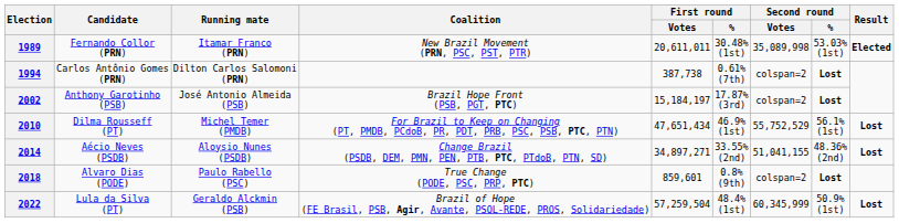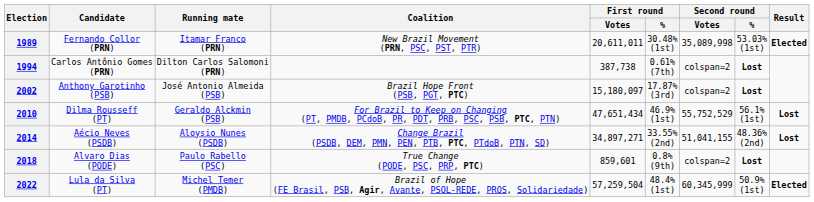 <table class=wikitable style=text-align:center>
 <tr>
 <th rowspan="2">Election</th>
 <th rowspan=2>Candidate</th>
 <th rowspan="2">Running mate</th>
 <th rowspan="2">Coalition</th>
 <th colspan=2>First round</th>
 <th colspan="2">Second round</th>
 <th rowspan="2">Result</th>
 </tr>
 <tr>
 <th>Votes</th>
 <th>%</th>
 <th>Votes</th>
 <th>%</th>
 </tr>
 <tr>
 <th><a href='#'>1989</a></th>
 <td><a href='#'>Fernando Collor</a><br>(<strong>PRN</strong>)</td>
 <td><a href='#'>Itamar Franco</a><br>(<strong>PRN</strong>)</td>
 <td><em>New Brazil Movement</em><br>(<strong>PRN</strong>, <a href='#'>PSC</a>, <a href='#'>PST</a>, <a href='#'>PTR</a>)</td>
 <td>20,611,011</td>
 <td>30.48%<br>(1st)</td>
 <td>35,089,998</td>
 <td>53.03%<br>(1st)</td>
 <td><strong>Elected</strong> </td>
 </tr>
 <tr>
 <th><a href='#'>1994</a></th>
 <td>Carlos Antônio Gomes<br>(<strong>PRN</strong>)</td>
 <td>Dilton Carlos Salomoni<br>(<strong>PRN</strong>)</td>
 <td></td>
 <td>387,738</td>
 <td>0.61%<br>(7th)</td>
 <td>colspan=2 </td>
 <td><strong>Lost</strong> </td>
 </tr>
 <tr>
 <th><a href='#'>2002</a></th>
 <td><a href='#'>Anthony Garotinho</a><br>(<a href='#'>PSB</a>)</td>
 <td>José Antonio Almeida<br>(<a href='#'>PSB</a>)</td>
 <td><em>Brazil Hope Front</em><br>(<a href='#'>PSB</a>, <a href='#'>PGT</a>, <strong>PTC</strong>)</td>
-<td>15,184,197</td>
+<td>15,180,097</td>
 <td>17.87%<br>(3rd)</td>
 <td>colspan=2 </td>
 <td><strong>Lost</strong> </td>
 </tr>
 <tr>
 <th><a href='#'>2010</a></th>
 <td><a href='#'>Dilma Rousseff</a><br>(<a href='#'>PT</a>)</td>
-<td><a href='#'>Michel Temer</a><br>(<a href='#'>PMDB</a>)</td>
+<td><a href='#'>Geraldo Alckmin</a><br>(<a href='#'>PSB</a>)</td>
 <td><em><a href='#'>For Brazil to Keep on Changing</a></em><br>(<a href='#'>PT</a>, <a href='#'>PMDB</a>, <a href='#'>PCdoB</a>, <a href='#'>PR</a>, <a href='#'>PDT</a>, <a href='#'>PRB</a>, <a href='#'>PSC</a>, <a href='#'>PSB</a>, <strong>PTC</strong>, <a href='#'>PTN</a>)</td>
 <td>47,651,434</td>
 <td>46.9%<br>(1st)</td>
 <td>55,752,529</td>
 <td>56.1%<br>(1st)</td>
 <td><strong>Lost</strong> </td>
 </tr>
 <tr>
 <th><a href='#'>2014</a></th>
 <td><a href='#'>Aécio Neves</a><br>(<a href='#'>PSDB</a>)</td>
 <td><a href='#'>Aloysio Nunes</a><br>(<a href='#'>PSDB</a>)</td>
 <td><em><a href='#'>Change Brazil</a></em><br>(<a href='#'>PSDB</a>, <a href='#'>DEM</a>, <a href='#'>PMN</a>, <a href='#'>PEN</a>, <a href='#'>PTB</a>, <strong>PTC</strong>, <a href='#'>PTdoB</a>, <a href='#'>PTN</a>, <a href='#'>SD</a>)</td>
 <td>34,897,271</td>
 <td>33.55%<br>(2nd)</td>
 <td>51,041,155</td>
 <td>48.36%<br>(2nd)</td>
 <td><strong>Lost</strong> </td>
 </tr>
 <tr>
 <th><a href='#'>2018</a></th>
 <td><a href='#'>Alvaro Dias</a><br>(<a href='#'>PODE</a>)</td>
 <td><a href='#'>Paulo Rabello</a><br>(<a href='#'>PSC</a>)</td>
 <td><em>True Change</em><br>(<a href='#'>PODE</a>, <a href='#'>PSC</a>, <a href='#'>PRP</a>, <strong>PTC</strong>)</td>
 <td>859,601</td>
 <td>0.8%<br>(9th)</td>
 <td>colspan=2 </td>
 <td><strong>Lost</strong> </td>
 </tr>
 <tr>
 <th><a href='#'>2022</a></th>
 <td><a href='#'>Lula da Silva</a><br>(<a href='#'>PT</a>)</td>
-<td><a href='#'>Geraldo Alckmin</a><br>(<a href='#'>PSB</a>)</td>
+<td><a href='#'>Michel Temer</a><br>(<a href='#'>PMDB</a>)</td>
 <td><em>Brazil of Hope</em><br>(<a href='#'>FE Brasil</a>, <a href='#'>PSB</a>, <strong>Agir</strong>, <a href='#'>Avante</a>, <a href='#'>PSOL-REDE</a>, <a href='#'>PROS</a>, <a href='#'>Solidariedade</a>)</td>
 <td>57,259,504</td>
 <td>48.4%<br>(1st)</td>
 <td>60,345,999</td>
 <td>50.9%<br>(1st)</td>
-<td><strong>Lost</strong> </td>
+<td><strong>Elected</strong> </td>
 </tr>
 </table>
